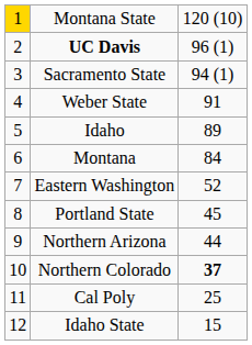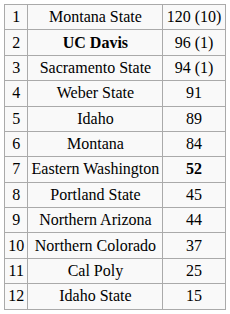 <table class="wikitable" style="display: inline-table;">
 <tr align="center">
 </tr>
 <tr align="center">
-<td style="background: gold;">1</td>
+<td>1</td>
 <td>Montana State</td>
 <td>120 (10)</td>
 </tr>
 <tr align="center">
 <td>2</td>
 <td><strong>UC Davis</strong></td>
 <td>96 (1)</td>
 </tr>
 <tr align="center">
 <td>3</td>
 <td>Sacramento State</td>
 <td>94 (1)</td>
 </tr>
 <tr align="center">
 <td>4</td>
 <td>Weber State</td>
 <td>91</td>
 </tr>
 <tr align="center">
 <td>5</td>
 <td>Idaho</td>
 <td>89</td>
 </tr>
 <tr align="center">
 <td>6</td>
 <td>Montana</td>
 <td>84</td>
 </tr>
 <tr align="center">
 <td>7</td>
 <td>Eastern Washington</td>
-<td>52</td>
+<td><strong>52</strong></td>
 </tr>
 <tr align="center">
 <td>8</td>
 <td>Portland State</td>
 <td>45</td>
 </tr>
 <tr align="center">
 <td>9</td>
 <td>Northern Arizona</td>
 <td>44</td>
 </tr>
 <tr align="center">
 <td>10</td>
 <td>Northern Colorado</td>
-<td><strong>37</strong></td>
+<td>37</td>
 </tr>
 <tr align="center">
 <td>11</td>
 <td>Cal Poly</td>
 <td>25</td>
 </tr>
 <tr align="center">
 <td>12</td>
 <td>Idaho State</td>
 <td>15</td>
 </tr>
 </table>
